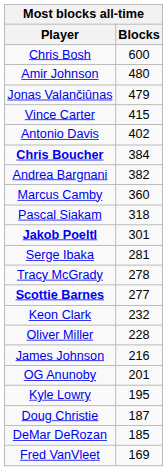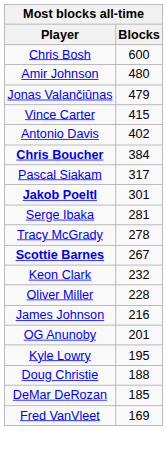 <table class="wikitable sortable" style="text-align:center">
 <tr>
 <th colspan="2">Most blocks all-time</th>
 </tr>
 <tr>
 <th>Player</th>
 <th>Blocks</th>
 </tr>
 <tr>
 <td><a href='#'>Chris Bosh</a></td>
 <td>600</td>
 </tr>
 <tr>
 <td><a href='#'>Amir Johnson</a></td>
 <td>480</td>
 </tr>
 <tr>
 <td><a href='#'>Jonas Valančiūnas</a></td>
 <td>479</td>
 </tr>
 <tr>
 <td><a href='#'>Vince Carter</a></td>
 <td>415</td>
 </tr>
 <tr>
 <td><a href='#'>Antonio Davis</a></td>
 <td>402</td>
 </tr>
 <tr>
 <td><strong><a href='#'>Chris Boucher</a></strong></td>
 <td>384</td>
 </tr>
 <tr>
-<td><a href='#'>Andrea Bargnani</a></td>
-<td>382</td>
-</tr>
-<tr>
-<td><a href='#'>Marcus Camby</a></td>
-<td>360</td>
-</tr>
-<tr>
 <td><a href='#'>Pascal Siakam</a></td>
-<td>318</td>
+<td>317</td>
 </tr>
 <tr>
 <td><strong><a href='#'>Jakob Poeltl</a></strong></td>
 <td>301</td>
 </tr>
 <tr>
 <td><a href='#'>Serge Ibaka</a></td>
 <td>281</td>
 </tr>
 <tr>
 <td><a href='#'>Tracy McGrady</a></td>
 <td>278</td>
 </tr>
 <tr>
 <td><strong><a href='#'>Scottie Barnes</a></strong></td>
-<td>277</td>
+<td>267</td>
 </tr>
 <tr>
 <td><a href='#'>Keon Clark</a></td>
 <td>232</td>
 </tr>
 <tr>
 <td><a href='#'>Oliver Miller</a></td>
 <td>228</td>
 </tr>
 <tr>
 <td><a href='#'>James Johnson</a></td>
 <td>216</td>
 </tr>
 <tr>
 <td><a href='#'>OG Anunoby</a></td>
 <td>201</td>
 </tr>
 <tr>
 <td><a href='#'>Kyle Lowry</a></td>
 <td>195</td>
 </tr>
 <tr>
 <td><a href='#'>Doug Christie</a></td>
-<td>187</td>
+<td>188</td>
 </tr>
 <tr>
 <td><a href='#'>DeMar DeRozan</a></td>
 <td>185</td>
 </tr>
 <tr>
 <td><a href='#'>Fred VanVleet</a></td>
 <td>169</td>
 </tr>
 </table>
